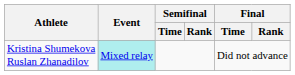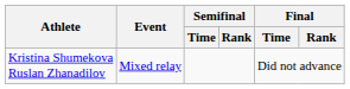 <table class="wikitable" style="font-size:90%">
 <tr>
 <th rowspan=2>Athlete</th>
 <th rowspan=2>Event</th>
 <th colspan=2>Semifinal</th>
 <th colspan=2>Final</th>
 </tr>
 <tr>
 <th>Time</th>
 <th>Rank</th>
 <th>Time</th>
 <th>Rank</th>
 </tr>
 <tr align=center>
 <td align=left><a href='#'>Kristina Shumekova</a><br><a href='#'>Ruslan Zhanadilov</a></td>
-<td align=left style="background: paleturquoise;"><a href='#'>Mixed relay</a></td>
+<td align=left><a href='#'>Mixed relay</a></td>
 <td colspan=2></td>
 <td colspan=2>Did not advance</td>
 </tr>
 </table>
